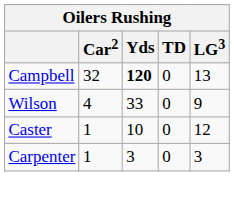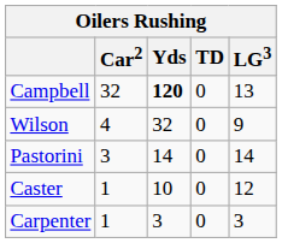 <table class="wikitable">
 <tr>
 <th colspan="5">Oilers Rushing</th>
 </tr>
 <tr>
 <th></th>
 <th>Car<sup>2</sup></th>
 <th>Yds</th>
 <th>TD</th>
 <th>LG<sup>3</sup></th>
 </tr>
 <tr>
 <td><a href='#'>Campbell</a></td>
 <td>32</td>
 <td><strong>120</strong></td>
 <td>0</td>
 <td>13</td>
 </tr>
 <tr>
 <td><a href='#'>Wilson</a></td>
 <td>4</td>
-<td>33</td>
+<td>32</td>
 <td>0</td>
 <td>9</td>
+</tr>
+<tr>
+<td><a href='#'>Pastorini</a></td>
+<td>3</td>
+<td>14</td>
+<td>0</td>
+<td>14</td>
 </tr>
 <tr>
 <td><a href='#'>Caster</a></td>
 <td>1</td>
 <td>10</td>
 <td>0</td>
 <td>12</td>
 </tr>
 <tr>
 <td><a href='#'>Carpenter</a></td>
 <td>1</td>
 <td>3</td>
 <td>0</td>
 <td>3</td>
 </tr>
 </table>
